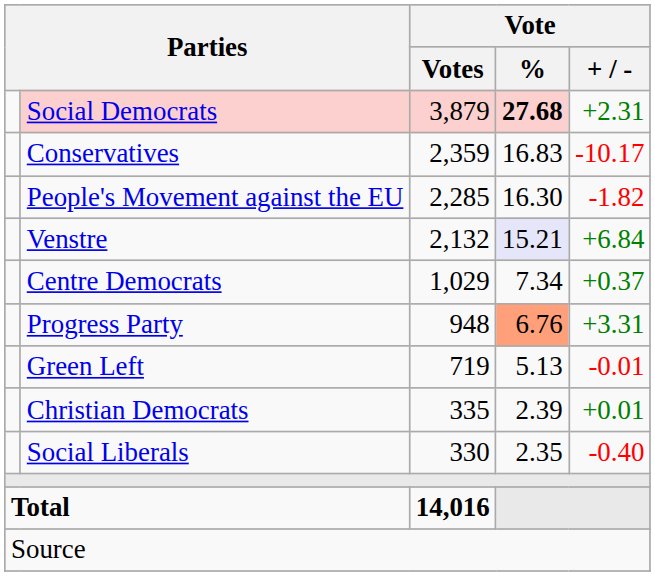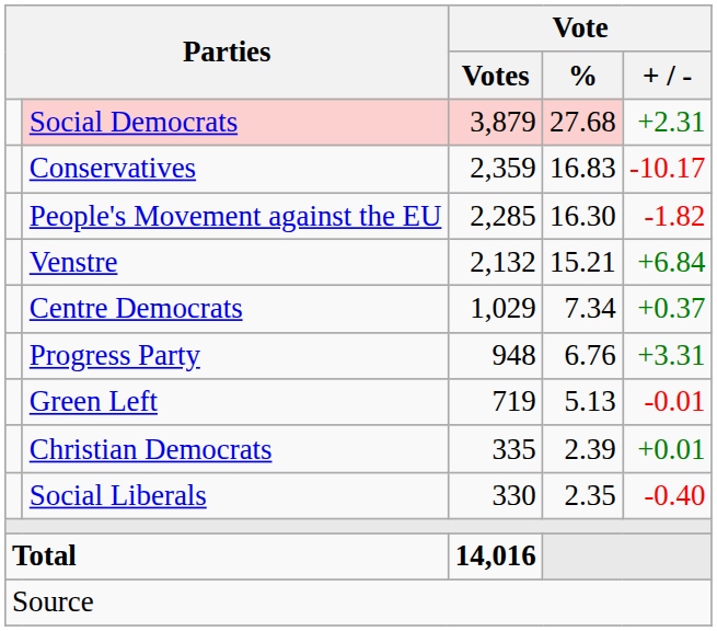 <table class="wikitable" style="text-align:right;">
 <tr>
 <th style="text-align:centre;" rowspan="2" colspan="2" width="225">Parties</th>
 <th colspan="3">Vote</th>
 </tr>
 <tr>
 <th width="15">Votes</th>
 <th width="15">%</th>
 <th width="15">+ / -</th>
 </tr>
 <tr>
 <td width="2" style="color:inherit;background:"></td>
 <td bgcolor=#fbd0ce   align="left"><a href='#'>Social Democrats</a></td>
 <td bgcolor=#fbd0ce>3,879</td>
-<td bgcolor=#fbd0ce><strong>27.68</strong></td>
+<td bgcolor=#fbd0ce>27.68</td>
 <td style=color:green;>+2.31</td>
 </tr>
 <tr>
 <td width="2" style="color:inherit;background:"></td>
 <td align="left"><a href='#'>Conservatives</a></td>
 <td>2,359</td>
 <td>16.83</td>
 <td style=color:red;>-10.17</td>
 </tr>
 <tr>
 <td width="2" style="color:inherit;background:"></td>
 <td align="left"><a href='#'>People's Movement against the EU</a></td>
 <td>2,285</td>
 <td>16.30</td>
 <td style=color:red;>-1.82</td>
 </tr>
 <tr>
 <td width="2" style="color:inherit;background:"></td>
 <td align="left"><a href='#'>Venstre</a></td>
 <td>2,132</td>
-<td style="background: lavender;">15.21</td>
+<td>15.21</td>
 <td style=color:green;>+6.84</td>
 </tr>
 <tr>
 <td width="2" style="color:inherit;background:"></td>
 <td align="left"><a href='#'>Centre Democrats</a></td>
 <td>1,029</td>
 <td>7.34</td>
 <td style=color:green;>+0.37</td>
 </tr>
 <tr>
 <td width="2" style="color:inherit;background:"></td>
 <td align="left"><a href='#'>Progress Party</a></td>
 <td>948</td>
-<td style="background: lightsalmon;">6.76</td>
+<td>6.76</td>
 <td style=color:green;>+3.31</td>
 </tr>
 <tr>
 <td width="2" style="color:inherit;background:"></td>
 <td align="left"><a href='#'>Green Left</a></td>
 <td>719</td>
 <td>5.13</td>
 <td style=color:red;>-0.01</td>
 </tr>
 <tr>
 <td width="2" style="color:inherit;background:"></td>
 <td align="left"><a href='#'>Christian Democrats</a></td>
 <td>335</td>
 <td>2.39</td>
 <td style=color:green;>+0.01</td>
 </tr>
 <tr>
 <td width="2" style="color:inherit;background:"></td>
 <td align="left"><a href='#'>Social Liberals</a></td>
 <td>330</td>
 <td>2.35</td>
 <td style=color:red;>-0.40</td>
 </tr>
 <tr>
 <td colspan="7" bgcolor="#E9E9E9"></td>
 </tr>
 <tr>
 <td align="left" colspan="2"><strong>Total</strong></td>
 <td><strong>14,016</strong></td>
 <td bgcolor="#E9E9E9" colspan="2"></td>
 </tr>
 <tr>
 <td align="left" colspan="6">Source</td>
 </tr>
 </table>
